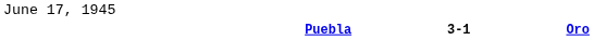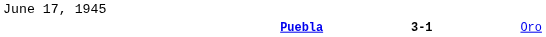 <table width=100% cellspacing=1>
 <tr>
 <th width=20%></th>
 <th width=12%></th>
 <th width=20%></th>
 <th></th>
 </tr>
 <tr>
 <td>June 17, 1945</td>
 </tr>
 <tr style=font-size:90%>
 <td align=right> <strong><a href='#'>Puebla</a></strong></td>
 <td align=center><strong>3-1</strong></td>
-<td align=left><strong> <a href='#'>Oro</a></strong></td>
+<td align=left> <a href='#'>Oro</a></td>
 </tr>
 </table>
